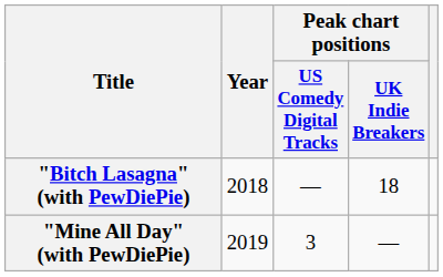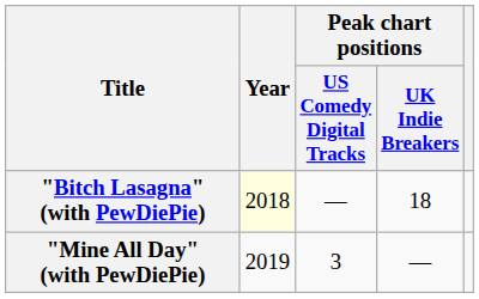 <table class="wikitable mw-collapsible plainrowheaders" style="text-align:center;">
 <tr>
 <th scope="col" rowspan="2" style="width:10em;">Title</th>
 <th scope="col" rowspan="2">Year</th>
 <th scope="col" colspan="2">Peak chart positions</th>
 <th scope="col" rowspan="2"></th>
 </tr>
 <tr>
 <th scope="col" style="width:2.5em;font-size:90%;"><a href='#'>US<br>Comedy Digital Tracks</a><br></th>
 <th scope="col" style="width:2.5em;font-size:90%;"><a href='#'>UK<br>Indie Breakers</a><br></th>
 </tr>
 <tr>
 <th scope="row">"<a href='#'>Bitch Lasagna</a>"<br><span>(with <a href='#'>PewDiePie</a>)</span></th>
-<td rowspan="1">2018</td>
+<td rowspan="1" style="background: lightyellow;">2018</td>
 <td>—</td>
 <td>18</td>
 <td style="text-align:center;"></td>
 </tr>
 <tr>
 <th scope="row">"Mine All Day"<br><span>(with PewDiePie)</span></th>
 <td rowspan="1">2019</td>
 <td>3</td>
 <td>—</td>
 <td style="text-align:center;"></td>
 </tr>
 </table>
